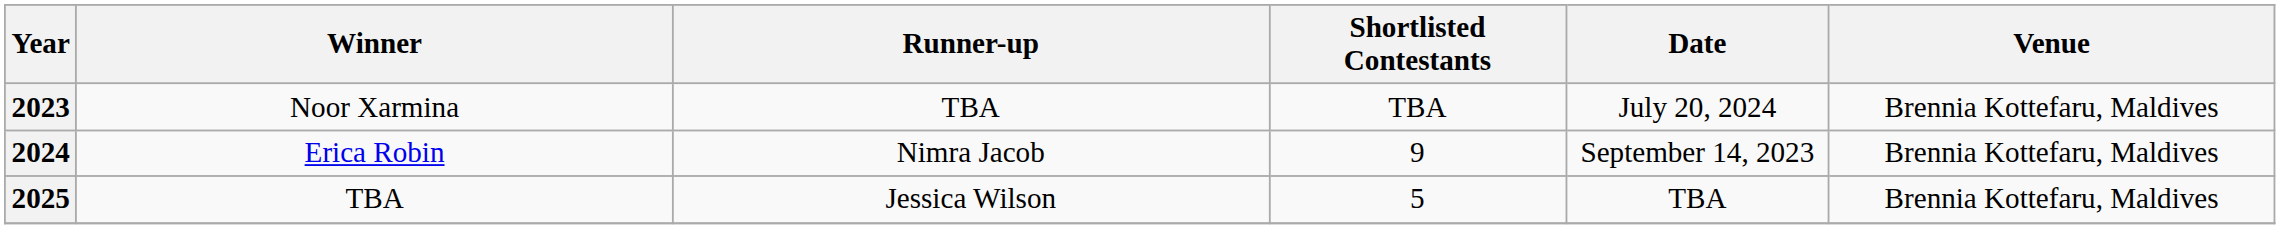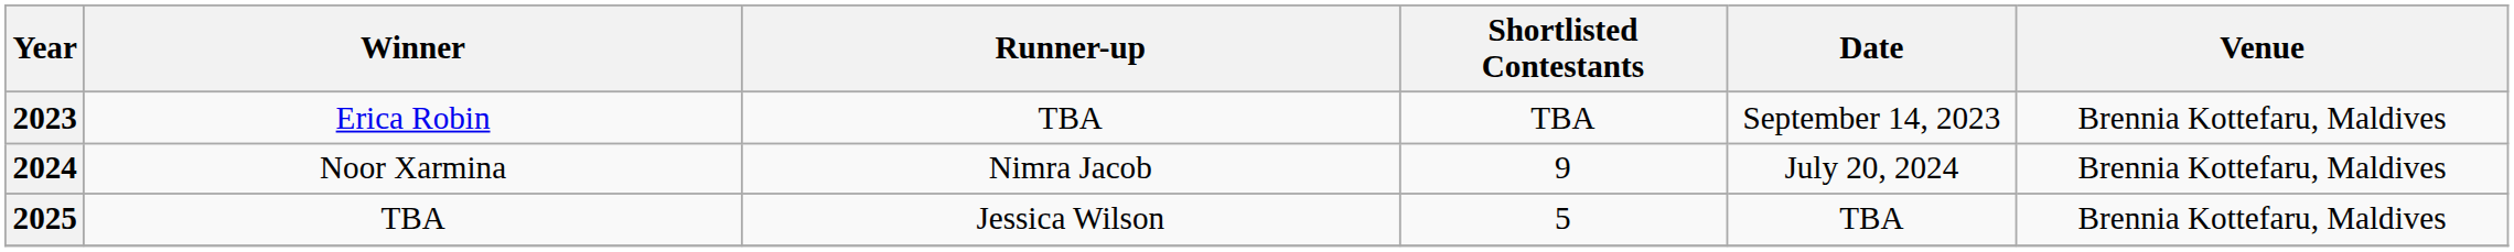 <table class="wikitable" style="text-align:center;">
 <tr>
 <th>Year</th>
 <th width=370>Winner</th>
 <th width=370>Runner-up</th>
 <th width=170>Shortlisted Contestants</th>
 <th width=150>Date</th>
 <th width=270>Venue</th>
 </tr>
 <tr>
 <th>2023</th>
-<td>Noor Xarmina</td>
+<td><a href='#'>Erica Robin</a></td>
 <td>TBA</td>
 <td>TBA</td>
-<td>July 20, 2024</td>
+<td>September 14, 2023</td>
 <td>Brennia Kottefaru, Maldives</td>
 </tr>
 <tr>
 <th>2024</th>
-<td><a href='#'>Erica Robin</a></td>
+<td>Noor Xarmina</td>
 <td>Nimra Jacob</td>
 <td>9</td>
-<td>September 14, 2023</td>
+<td>July 20, 2024</td>
 <td>Brennia Kottefaru, Maldives</td>
 </tr>
 <tr>
 <th>2025</th>
 <td>TBA</td>
 <td>Jessica Wilson</td>
 <td>5</td>
 <td>TBA</td>
 <td>Brennia Kottefaru, Maldives</td>
 </tr>
 <tr>
 </tr>
 </table>
